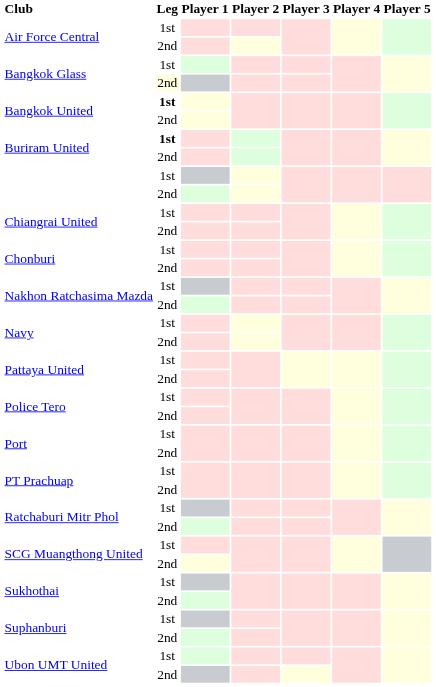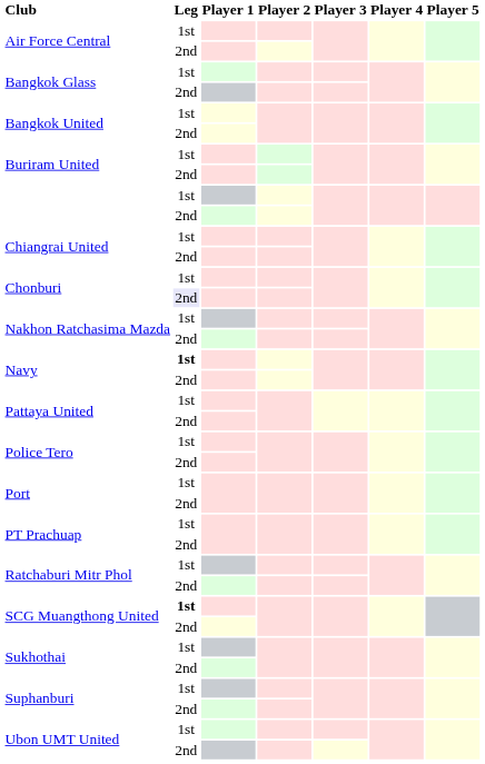 <table class="sortable" style="text-align:left">
 <tr>
 <th>Club</th>
 <th>Leg</th>
 <th>Player 1</th>
 <th>Player 2</th>
 <th>Player 3</th>
 <th>Player 4</th>
 <th>Player 5</th>
 </tr>
 <tr>
 <td rowspan="2"><a href='#'>Air Force Central</a></td>
 <td align="center">1st</td>
 <td bgcolor="#ffdddd"></td>
 <td bgcolor="#ffdddd"></td>
 <td bgcolor="#ffdddd" rowspan="2"></td>
 <td bgcolor="#ffffdd" rowspan="2"></td>
 <td bgcolor="#ddffdd" rowspan="2"></td>
 </tr>
 <tr>
 <td align="center">2nd</td>
 <td bgcolor="#ffdddd"></td>
 <td bgcolor="#ffffdd"></td>
 </tr>
 <tr>
 <td rowspan="2"><a href='#'>Bangkok Glass</a></td>
 <td align="center">1st</td>
 <td bgcolor="#ddffdd"></td>
 <td bgcolor="#ffdddd"></td>
 <td bgcolor="#ffdddd"></td>
 <td bgcolor="#ffdddd" rowspan="2"></td>
 <td bgcolor="#ffffdd" rowspan="2"></td>
 </tr>
 <tr>
-<td align="center" style="background: lightyellow;">2nd</td>
+<td align="center">2nd</td>
 <td bgcolor="#c8ccd1"></td>
 <td bgcolor="#ffdddd"></td>
 <td bgcolor="#ffdddd"></td>
 </tr>
 <tr>
 <td rowspan="2"><a href='#'>Bangkok United</a></td>
-<td align="center"><strong>1st</strong></td>
+<td align="center">1st</td>
 <td bgcolor="#ffffdd"></td>
 <td bgcolor="#ffdddd" rowspan="2"></td>
 <td bgcolor="#ffdddd" rowspan="2"></td>
 <td bgcolor="#ffdddd" rowspan="2"></td>
 <td bgcolor="#ddffdd" rowspan="2"></td>
 </tr>
 <tr>
 <td align="center">2nd</td>
 <td bgcolor="#ffffdd"></td>
 </tr>
 <tr>
 <td rowspan="2"><a href='#'>Buriram United</a></td>
-<td align="center"><strong>1st</strong></td>
+<td align="center">1st</td>
 <td bgcolor="#ffdddd"></td>
 <td bgcolor="#ddffdd"></td>
 <td bgcolor="#ffdddd" rowspan="2"></td>
 <td bgcolor="#ffdddd" rowspan="2"></td>
 <td bgcolor="#ffffdd" rowspan="2"></td>
 </tr>
 <tr>
 <td align="center">2nd</td>
 <td bgcolor="#ffdddd"></td>
 <td bgcolor="#ddffdd"></td>
 </tr>
 <tr>
 <td rowspan="2"></td>
 <td align="center">1st</td>
 <td bgcolor="#c8ccd1"></td>
 <td bgcolor="#ffffdd"></td>
 <td bgcolor="#ffdddd" rowspan="2"></td>
 <td bgcolor="#ffdddd" rowspan="2"></td>
 <td bgcolor="#ffdddd" rowspan="2"></td>
 </tr>
 <tr>
 <td align="center">2nd</td>
 <td bgcolor="#ddffdd"></td>
 <td bgcolor="#ffffdd"></td>
 </tr>
 <tr>
 <td rowspan="2"><a href='#'>Chiangrai United</a></td>
 <td align="center">1st</td>
 <td bgcolor="#ffdddd"></td>
 <td bgcolor="#ffdddd"></td>
 <td bgcolor="#ffdddd" rowspan="2"></td>
 <td bgcolor="#ffffdd" rowspan="2"></td>
 <td bgcolor="#ddffdd" rowspan="2"></td>
 </tr>
 <tr>
 <td align="center">2nd</td>
 <td bgcolor="#ffdddd"></td>
 <td bgcolor="#ffdddd"></td>
 </tr>
 <tr>
 <td rowspan="2"><a href='#'>Chonburi</a></td>
 <td align="center">1st</td>
 <td bgcolor="#ffdddd"></td>
 <td bgcolor="#ffdddd"></td>
 <td bgcolor="#ffdddd" rowspan="2"></td>
 <td bgcolor="#ffffdd" rowspan="2"></td>
 <td bgcolor="#ddffdd" rowspan="2"></td>
 </tr>
 <tr>
-<td align="center">2nd</td>
+<td align="center" style="background: lavender;">2nd</td>
 <td bgcolor="#ffdddd"></td>
 <td bgcolor="#ffdddd"></td>
 </tr>
 <tr>
 <td rowspan="2"><a href='#'>Nakhon Ratchasima Mazda</a></td>
 <td align="center">1st</td>
 <td bgcolor="#c8ccd1"></td>
 <td bgcolor="#ffdddd"></td>
 <td bgcolor="#ffdddd"></td>
 <td bgcolor="#ffdddd" rowspan="2"></td>
 <td bgcolor="#ffffdd" rowspan="2"></td>
 </tr>
 <tr>
 <td align="center">2nd</td>
 <td bgcolor="#ddffdd"></td>
 <td bgcolor="#ffdddd"></td>
 <td bgcolor="#ffdddd"></td>
 </tr>
 <tr>
 <td rowspan="2"><a href='#'>Navy</a></td>
-<td align="center">1st</td>
+<td align="center"><strong>1st</strong></td>
 <td bgcolor="#ffdddd"></td>
 <td bgcolor="#ffffdd"></td>
 <td bgcolor="#ffdddd" rowspan="2"></td>
 <td bgcolor="#ffdddd" rowspan="2"></td>
 <td bgcolor="#ddffdd" rowspan="2"></td>
 </tr>
 <tr>
 <td align="center">2nd</td>
 <td bgcolor="#ffdddd"></td>
 <td bgcolor="#ffffdd"></td>
 </tr>
 <tr>
 <td rowspan="2"><a href='#'>Pattaya United</a></td>
 <td align="center">1st</td>
 <td bgcolor="#ffdddd"></td>
 <td bgcolor="#ffdddd" rowspan="2"></td>
 <td bgcolor="#ffffdd" rowspan="2"></td>
 <td bgcolor="#ffffdd" rowspan="2"></td>
 <td bgcolor="#ddffdd" rowspan="2"></td>
 </tr>
 <tr>
 <td align="center">2nd</td>
 <td bgcolor="#ffdddd"></td>
 </tr>
 <tr>
 <td rowspan="2"><a href='#'>Police Tero</a></td>
 <td align="center">1st</td>
 <td bgcolor="#ffdddd"></td>
 <td bgcolor="#ffdddd" rowspan="2"></td>
 <td bgcolor="#ffdddd" rowspan="2"></td>
 <td bgcolor="#ffffdd" rowspan="2"></td>
 <td bgcolor="#ddffdd" rowspan="2"></td>
 </tr>
 <tr>
 <td align="center">2nd</td>
 <td bgcolor="#ffdddd"></td>
 </tr>
 <tr>
 <td rowspan="2"><a href='#'>Port</a></td>
 <td align="center">1st</td>
 <td bgcolor="#ffdddd" rowspan="2"></td>
 <td bgcolor="#ffdddd" rowspan="2"></td>
 <td bgcolor="#ffdddd" rowspan="2"></td>
 <td bgcolor="#ffffdd" rowspan="2"></td>
 <td bgcolor="#ddffdd" rowspan="2"></td>
 </tr>
 <tr>
 <td align="center">2nd</td>
 </tr>
 <tr>
 <td rowspan="2"><a href='#'>PT Prachuap</a></td>
 <td align="center">1st</td>
 <td bgcolor="#ffdddd" rowspan="2"></td>
 <td bgcolor="#ffdddd" rowspan="2"></td>
 <td bgcolor="#ffdddd" rowspan="2"></td>
 <td bgcolor="#ffffdd" rowspan="2"></td>
 <td bgcolor="#ddffdd" rowspan="2"></td>
 </tr>
 <tr>
 <td align="center">2nd</td>
 </tr>
 <tr>
 <td rowspan="2"><a href='#'>Ratchaburi Mitr Phol</a></td>
 <td align="center">1st</td>
 <td bgcolor="#c8ccd1"></td>
 <td bgcolor="#ffdddd"></td>
 <td bgcolor="#ffdddd"></td>
 <td bgcolor="#ffdddd" rowspan="2"></td>
 <td bgcolor="#ffffdd" rowspan="2"></td>
 </tr>
 <tr>
 <td align="center">2nd</td>
 <td bgcolor="#ddffdd"></td>
 <td bgcolor="#ffdddd"></td>
 <td bgcolor="#ffdddd"></td>
 </tr>
 <tr>
 <td rowspan="2"><a href='#'>SCG Muangthong United</a></td>
-<td align="center">1st</td>
+<td align="center"><strong>1st</strong></td>
 <td bgcolor="#ffdddd"></td>
 <td bgcolor="#ffdddd" rowspan="2"></td>
 <td bgcolor="#ffdddd" rowspan="2"></td>
 <td bgcolor="#ffffdd" rowspan="2"></td>
 <td bgcolor="#c8ccd1" rowspan="2"></td>
 </tr>
 <tr>
 <td align="center">2nd</td>
 <td bgcolor="#ffffdd"></td>
 </tr>
 <tr>
 <td rowspan="2"><a href='#'>Sukhothai</a></td>
 <td align="center">1st</td>
 <td bgcolor="#c8ccd1"></td>
 <td bgcolor="#ffdddd" rowspan="2"></td>
 <td bgcolor="#ffdddd" rowspan="2"></td>
 <td bgcolor="#ffdddd" rowspan="2"></td>
 <td bgcolor="#ffffdd" rowspan="2"></td>
 </tr>
 <tr>
 <td align="center">2nd</td>
 <td bgcolor="#ddffdd"></td>
 </tr>
 <tr>
 <td rowspan="2"><a href='#'>Suphanburi</a></td>
 <td align="center">1st</td>
 <td bgcolor="#c8ccd1"></td>
 <td bgcolor="#ffdddd"></td>
 <td bgcolor="#ffdddd" rowspan="2"></td>
 <td bgcolor="#ffdddd" rowspan="2"></td>
 <td bgcolor="#ffffdd" rowspan="2"></td>
 </tr>
 <tr>
 <td align="center">2nd</td>
 <td bgcolor="#ddffdd"></td>
 <td bgcolor="#ffdddd"></td>
 </tr>
 <tr>
 <td rowspan="2"><a href='#'>Ubon UMT United</a></td>
 <td align="center">1st</td>
 <td bgcolor="#ddffdd"></td>
 <td bgcolor="#ffdddd"></td>
 <td bgcolor="#ffdddd"></td>
 <td bgcolor="#ffdddd" rowspan="2"></td>
 <td bgcolor="#ffffdd" rowspan="2"></td>
 </tr>
 <tr>
 <td align="center">2nd</td>
 <td bgcolor="#c8ccd1"></td>
 <td bgcolor="#ffdddd"></td>
 <td bgcolor="#ffffdd"></td>
 </tr>
 </table>
